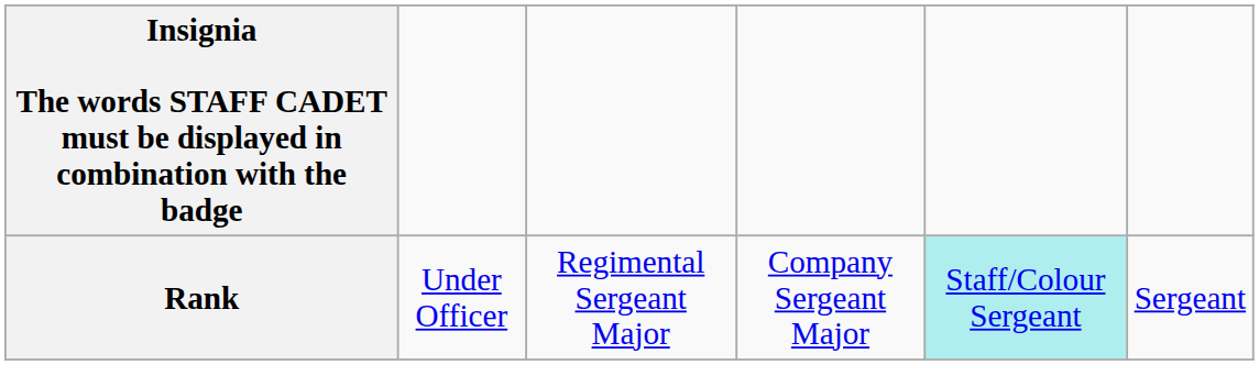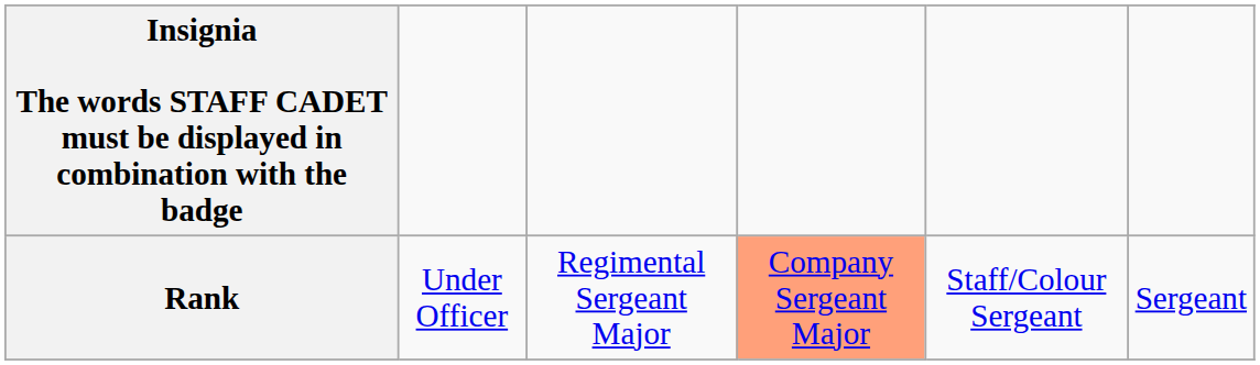 <table class="wikitable" style="margin:1em auto;">
 <tr align="center">
 <th>Insignia<br><br>The words STAFF CADET must be displayed in combination with the badge</th>
 <td></td>
 <td></td>
 <td></td>
 <td></td>
 <td></td>
 </tr>
 <tr align="center">
 <th>Rank</th>
 <td><a href='#'>Under Officer</a></td>
 <td><a href='#'>Regimental Sergeant Major</a></td>
-<td><a href='#'>Company Sergeant Major</a></td>
-<td style="background: paleturquoise;"><a href='#'>Staff/Colour Sergeant</a></td>
+<td style="background: lightsalmon;"><a href='#'>Company Sergeant Major</a></td>
+<td><a href='#'>Staff/Colour Sergeant</a></td>
 <td><a href='#'>Sergeant</a></td>
 </tr>
 </table>
